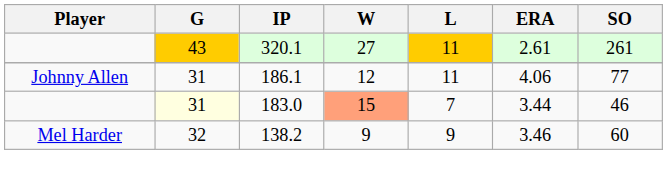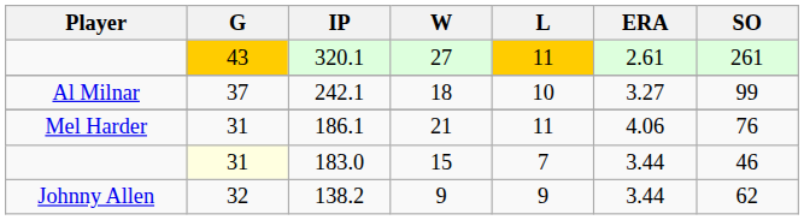 <table class="wikitable sortable">
 <tr>
 <th bgcolor="#DDDDFF" width="16%">Player</th>
 <th bgcolor="#DDDDFF" width="9%">G</th>
 <th bgcolor="#DDDDFF" width="9%">IP</th>
 <th bgcolor="#DDDDFF" width="9%">W</th>
 <th bgcolor="#DDDDFF" width="9%">L</th>
 <th bgcolor="#DDDDFF" width="9%">ERA</th>
 <th bgcolor="#DDDDFF" width="9%">SO</th>
 </tr>
 <tr align="center">
 <td></td>
 <td style="background:#fc0;">43</td>
 <td style="background:#DDFFDD;">320.1</td>
 <td style="background:#DDFFDD;">27</td>
 <td style="background:#fc0;">11</td>
 <td style="background:#DDFFDD;">2.61</td>
 <td style="background:#DDFFDD;">261</td>
 </tr>
 <tr>
 </tr>
+<tr align="center">
+<td><a href='#'>Al Milnar</a></td>
+<td>37</td>
+<td>242.1</td>
+<td>18</td>
+<td>10</td>
+<td>3.27</td>
+<td>99</td>
+</tr>
 <tr>
 </tr>
 <tr align="center">
-<td><a href='#'>Johnny Allen</a></td>
+<td><a href='#'>Mel Harder</a></td>
 <td>31</td>
 <td>186.1</td>
-<td>12</td>
+<td>21</td>
 <td>11</td>
 <td>4.06</td>
-<td>77</td>
+<td>76</td>
 </tr>
 <tr align="center">
 <td></td>
 <td style="background: lightyellow;">31</td>
 <td>183.0</td>
-<td style="background: lightsalmon;">15</td>
+<td>15</td>
 <td>7</td>
 <td>3.44</td>
 <td>46</td>
 </tr>
 <tr align="center">
-<td><a href='#'>Mel Harder</a></td>
+<td><a href='#'>Johnny Allen</a></td>
 <td>32</td>
 <td>138.2</td>
 <td>9</td>
 <td>9</td>
-<td>3.46</td>
-<td>60</td>
+<td>3.44</td>
+<td>62</td>
 </tr>
 </table>
